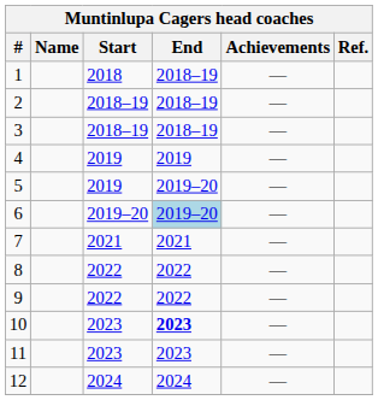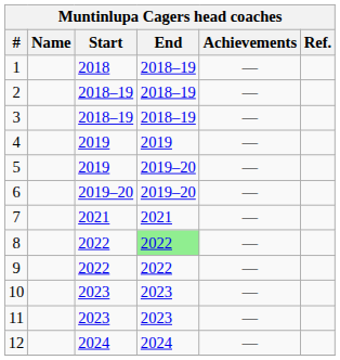 <table class="wikitable sortable">
 <tr>
 <th colspan="6">Muntinlupa Cagers head coaches</th>
 </tr>
 <tr>
 <th>#</th>
 <th>Name</th>
 <th>Start</th>
 <th>End</th>
 <th>Achievements</th>
 <th>Ref.</th>
 </tr>
 <tr>
 <td align=center>1</td>
 <td></td>
 <td><a href='#'>2018</a></td>
 <td><a href='#'>2018–19</a></td>
 <td align=center>—</td>
 <td></td>
 </tr>
 <tr>
 <td align=center>2</td>
 <td></td>
 <td><a href='#'>2018–19</a></td>
 <td><a href='#'>2018–19</a></td>
 <td align=center>—</td>
 <td></td>
 </tr>
 <tr>
 <td align=center>3</td>
 <td></td>
 <td><a href='#'>2018–19</a></td>
 <td><a href='#'>2018–19</a></td>
 <td align=center>—</td>
 <td></td>
 </tr>
 <tr>
 <td align=center>4</td>
 <td></td>
 <td><a href='#'>2019</a></td>
 <td><a href='#'>2019</a></td>
 <td align=center>—</td>
 <td></td>
 </tr>
 <tr>
 <td align=center>5</td>
 <td></td>
 <td><a href='#'>2019</a></td>
 <td><a href='#'>2019–20</a></td>
 <td align=center>—</td>
 <td></td>
 </tr>
 <tr>
 <td align=center>6</td>
 <td></td>
 <td><a href='#'>2019–20</a></td>
-<td style="background: lightblue;"><a href='#'>2019–20</a></td>
+<td><a href='#'>2019–20</a></td>
 <td align=center>—</td>
 <td></td>
 </tr>
 <tr>
 <td align=center>7</td>
 <td></td>
 <td><a href='#'>2021</a></td>
 <td><a href='#'>2021</a></td>
 <td align=center>—</td>
 <td></td>
 </tr>
 <tr>
 <td align=center>8</td>
 <td></td>
 <td><a href='#'>2022</a></td>
-<td><a href='#'>2022</a></td>
+<td style="background: lightgreen;"><a href='#'>2022</a></td>
 <td align=center>—</td>
 <td></td>
 </tr>
 <tr>
 <td align=center>9</td>
 <td></td>
 <td><a href='#'>2022</a></td>
 <td><a href='#'>2022</a></td>
 <td align=center>—</td>
 <td></td>
 </tr>
 <tr>
 <td align=center>10</td>
 <td></td>
 <td><a href='#'>2023</a></td>
-<td><strong><a href='#'>2023</a></strong></td>
+<td><a href='#'>2023</a></td>
 <td align=center>—</td>
 <td></td>
 </tr>
 <tr>
 <td align=center>11</td>
 <td></td>
 <td><a href='#'>2023</a></td>
 <td><a href='#'>2023</a></td>
 <td align=center>—</td>
 <td></td>
 </tr>
 <tr>
 <td align=center>12</td>
 <td></td>
 <td><a href='#'>2024</a></td>
 <td><a href='#'>2024</a></td>
 <td align=center>—</td>
 <td></td>
 </tr>
 <tr>
 </tr>
 </table>
